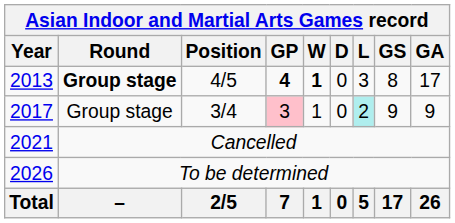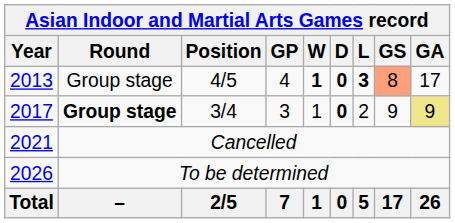 <table class="wikitable" style="text-align: center;font-size:90%;">
 <tr>
 <th colspan=9><a href='#'>Asian Indoor and Martial Arts Games</a> record</th>
 </tr>
 <tr>
 <th>Year</th>
 <th>Round</th>
 <th>Position</th>
 <th>GP</th>
 <th>W</th>
 <th>D</th>
 <th>L</th>
 <th>GS</th>
 <th>GA</th>
 </tr>
 <tr>
 <td> <a href='#'>2013</a></td>
-<td><strong>Group stage</strong></td>
+<td>Group stage</td>
 <td>4/5</td>
-<td><strong>4</strong></td>
+<td>4</td>
 <td><strong>1</strong></td>
-<td>0</td>
-<td>3</td>
-<td>8</td>
+<td><strong>0</strong></td>
+<td><strong>3</strong></td>
+<td style="background: lightsalmon;">8</td>
 <td>17</td>
 </tr>
 <tr>
 <td> <a href='#'>2017</a></td>
-<td>Group stage</td>
+<td><strong>Group stage</strong></td>
 <td>3/4</td>
-<td style="background: pink;">3</td>
+<td>3</td>
 <td>1</td>
-<td>0</td>
-<td style="background: paleturquoise;">2</td>
+<td><strong>0</strong></td>
+<td>2</td>
 <td>9</td>
-<td>9</td>
+<td style="background: khaki;">9</td>
 </tr>
 <tr>
 <td> <a href='#'>2021</a></td>
 <td colspan=8><em>Cancelled</em></td>
 </tr>
 <tr>
 <td> <a href='#'>2026</a></td>
 <td colspan=8><em>To be determined</em></td>
 </tr>
 <tr>
 <th><strong>Total</strong></th>
 <th>–</th>
 <th><strong>2/5</strong></th>
 <th><strong>7</strong></th>
 <th><strong>1</strong></th>
 <th><strong>0</strong></th>
 <th><strong>5</strong></th>
 <th><strong>17</strong></th>
 <th><strong>26</strong></th>
 </tr>
 </table>
